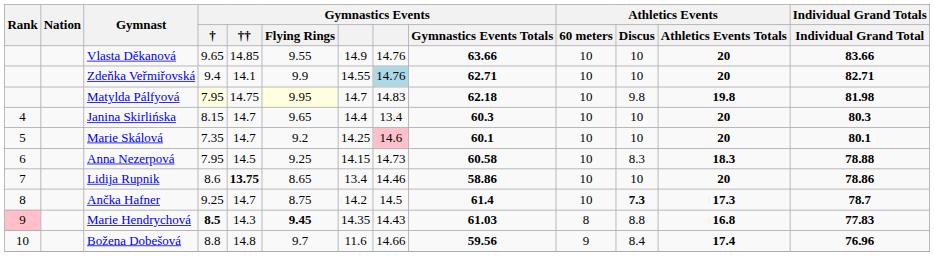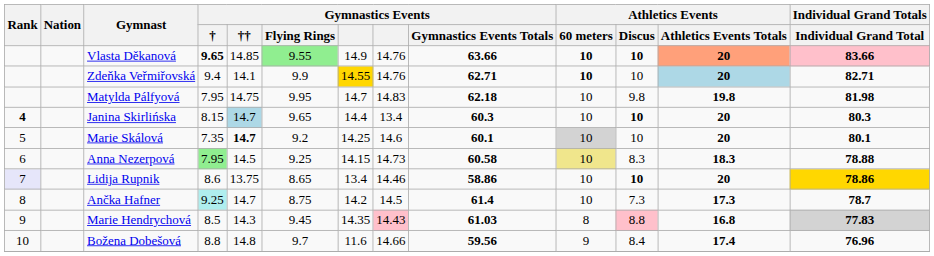 <table class="wikitable sortable" style="text-align:center">
 <tr>
 <th rowspan=2>Rank</th>
 <th rowspan=2>Nation</th>
 <th rowspan=2>Gymnast</th>
 <th colspan=6>Gymnastics Events</th>
 <th colspan=3>Athletics Events</th>
 <th colspan=1>Individual Grand Totals</th>
 </tr>
 <tr>
 <th colspan=1>†</th>
 <th colspan=1>††</th>
 <th colspan=1>Flying Rings</th>
 <th colspan=1></th>
 <th colspan=1></th>
 <th colspan=1>Gymnastics Events Totals</th>
 <th colspan=1>60 meters</th>
 <th colspan=1>Discus</th>
 <th colspan=1>Athletics Events Totals</th>
 <th colspan=1>Individual Grand Total</th>
 </tr>
 <tr>
 <td></td>
 <td></td>
 <td align=left><a href='#'>Vlasta Děkanová</a></td>
-<td>9.65</td>
+<td><strong>9.65</strong></td>
 <td>14.85</td>
-<td>9.55</td>
+<td style="background: lightgreen;">9.55</td>
 <td>14.9</td>
 <td>14.76</td>
 <td><strong>63.66</strong></td>
-<td>10</td>
-<td>10</td>
-<td><strong>20</strong></td>
-<td><strong>83.66</strong></td>
+<td><strong>10</strong></td>
+<td><strong>10</strong></td>
+<td style="background: lightsalmon;"><strong>20</strong></td>
+<td style="background: pink;"><strong>83.66</strong></td>
 </tr>
 <tr>
 <td></td>
 <td></td>
 <td align=left><a href='#'>Zdeňka Veřmiřovská</a></td>
 <td>9.4</td>
 <td>14.1</td>
 <td>9.9</td>
-<td>14.55</td>
-<td style="background: lightblue;">14.76</td>
+<td style="background: gold;">14.55</td>
+<td>14.76</td>
 <td><strong>62.71</strong></td>
+<td><strong>10</strong></td>
 <td>10</td>
-<td>10</td>
-<td><strong>20</strong></td>
+<td style="background: lightblue;"><strong>20</strong></td>
 <td><strong>82.71</strong></td>
 </tr>
 <tr>
 <td></td>
 <td></td>
 <td align=left><a href='#'>Matylda Pálfyová</a></td>
-<td style="background: lightyellow;">7.95</td>
+<td>7.95</td>
 <td>14.75</td>
-<td style="background: lightyellow;">9.95</td>
+<td>9.95</td>
 <td>14.7</td>
 <td>14.83</td>
 <td><strong>62.18</strong></td>
 <td>10</td>
 <td>9.8</td>
 <td><strong>19.8</strong></td>
 <td><strong>81.98</strong></td>
 </tr>
 <tr>
-<td>4</td>
+<td><strong>4</strong></td>
 <td></td>
 <td align=left><a href='#'>Janina Skirlińska</a></td>
 <td>8.15</td>
-<td>14.7</td>
+<td style="background: lightblue;">14.7</td>
 <td>9.65</td>
 <td>14.4</td>
 <td>13.4</td>
 <td><strong>60.3</strong></td>
 <td>10</td>
-<td>10</td>
+<td><strong>10</strong></td>
 <td><strong>20</strong></td>
 <td><strong>80.3</strong></td>
 </tr>
 <tr>
 <td>5</td>
 <td></td>
 <td align=left><a href='#'>Marie Skálová</a></td>
 <td>7.35</td>
-<td>14.7</td>
+<td><strong>14.7</strong></td>
 <td>9.2</td>
 <td>14.25</td>
-<td style="background: pink;">14.6</td>
+<td>14.6</td>
 <td><strong>60.1</strong></td>
-<td>10</td>
+<td style="background: lightgrey;">10</td>
 <td>10</td>
 <td><strong>20</strong></td>
 <td><strong>80.1</strong></td>
 </tr>
 <tr>
 <td>6</td>
 <td></td>
 <td align=left><a href='#'>Anna Nezerpová</a></td>
-<td>7.95</td>
+<td style="background: lightgreen;">7.95</td>
 <td>14.5</td>
 <td>9.25</td>
 <td>14.15</td>
 <td>14.73</td>
 <td><strong>60.58</strong></td>
-<td>10</td>
+<td style="background: khaki;">10</td>
 <td>8.3</td>
 <td><strong>18.3</strong></td>
 <td><strong>78.88</strong></td>
 </tr>
 <tr>
-<td>7</td>
+<td style="background: lavender;">7</td>
 <td></td>
 <td align=left><a href='#'>Lidija Rupnik</a></td>
 <td>8.6</td>
-<td><strong>13.75</strong></td>
+<td>13.75</td>
 <td>8.65</td>
 <td>13.4</td>
 <td>14.46</td>
 <td><strong>58.86</strong></td>
 <td>10</td>
-<td>10</td>
+<td><strong>10</strong></td>
 <td><strong>20</strong></td>
-<td><strong>78.86</strong></td>
+<td style="background: gold;"><strong>78.86</strong></td>
 </tr>
 <tr>
 <td>8</td>
 <td></td>
 <td align=left><a href='#'>Ančka Hafner</a></td>
-<td>9.25</td>
+<td style="background: paleturquoise;">9.25</td>
 <td>14.7</td>
 <td>8.75</td>
 <td>14.2</td>
 <td>14.5</td>
 <td><strong>61.4</strong></td>
 <td>10</td>
-<td><strong>7.3</strong></td>
+<td>7.3</td>
 <td><strong>17.3</strong></td>
 <td><strong>78.7</strong></td>
 </tr>
 <tr>
-<td style="background: pink;">9</td>
+<td>9</td>
 <td></td>
 <td align=left><a href='#'>Marie Hendrychová</a></td>
-<td><strong>8.5</strong></td>
+<td>8.5</td>
 <td>14.3</td>
-<td><strong>9.45</strong></td>
+<td>9.45</td>
 <td>14.35</td>
-<td>14.43</td>
+<td style="background: pink;">14.43</td>
 <td><strong>61.03</strong></td>
 <td>8</td>
-<td>8.8</td>
+<td style="background: pink;">8.8</td>
 <td><strong>16.8</strong></td>
-<td><strong>77.83</strong></td>
+<td style="background: lightgrey;"><strong>77.83</strong></td>
 </tr>
 <tr>
 <td>10</td>
 <td></td>
 <td align=left><a href='#'>Božena Dobešová</a></td>
 <td>8.8</td>
 <td>14.8</td>
 <td>9.7</td>
 <td>11.6</td>
 <td>14.66</td>
 <td><strong>59.56</strong></td>
 <td>9</td>
 <td>8.4</td>
 <td><strong>17.4</strong></td>
 <td><strong>76.96</strong></td>
 </tr>
 <tr>
 </tr>
 </table>
